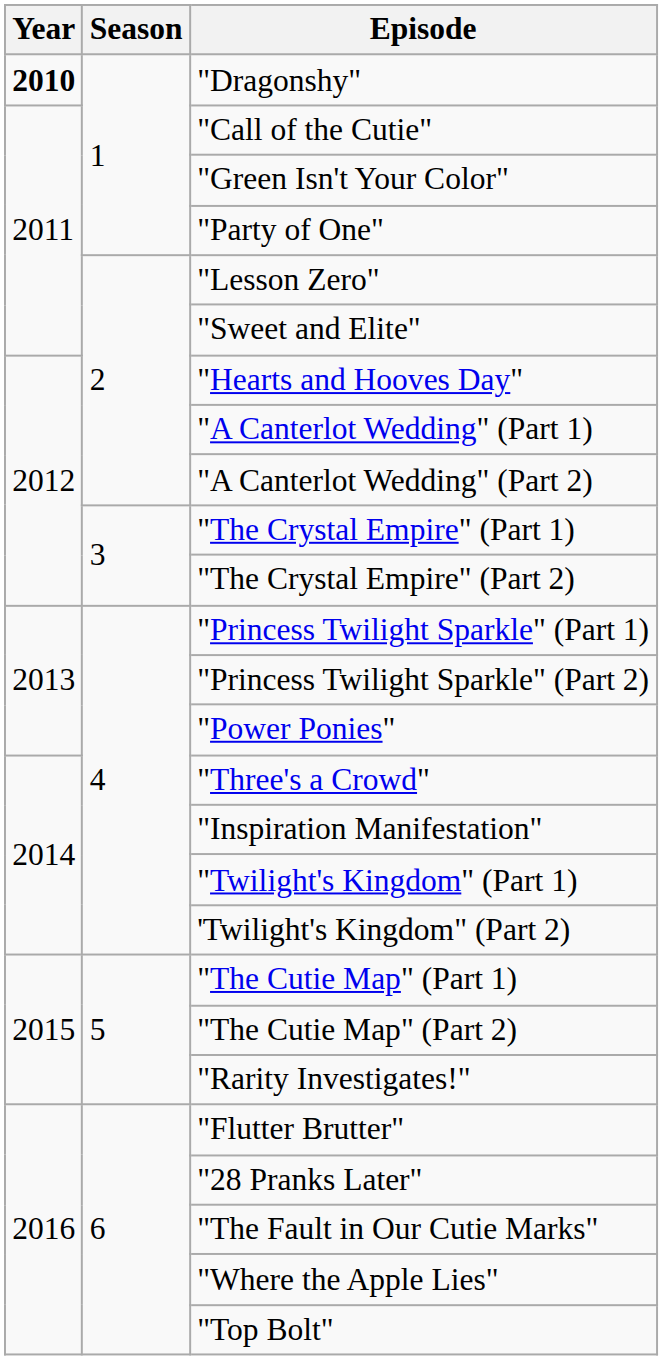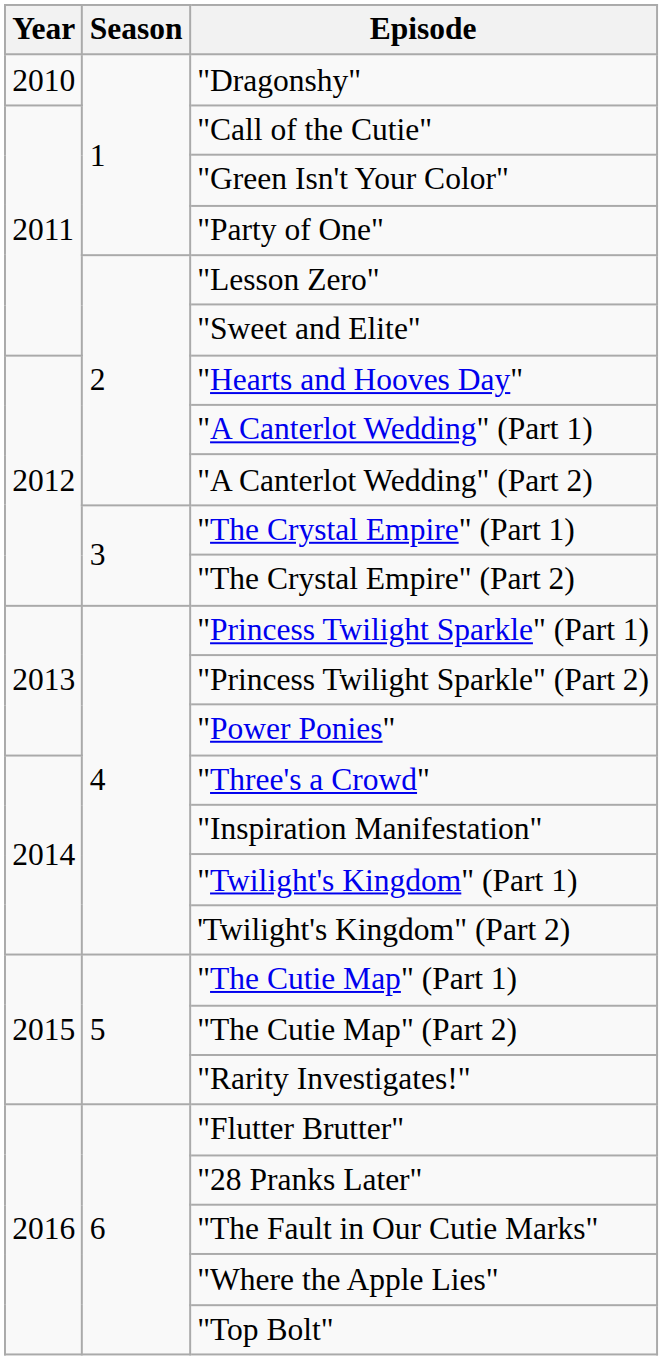 <table class="wikitable">
 <tr>
 <th>Year</th>
 <th>Season</th>
 <th>Episode</th>
 </tr>
 <tr>
-<td><strong>2010</strong></td>
+<td>2010</td>
 <td rowspan=4>1</td>
 <td>"Dragonshy"</td>
 </tr>
 <tr>
 <td rowspan=5>2011</td>
 <td>"Call of the Cutie"</td>
 </tr>
 <tr>
 <td>"Green Isn't Your Color"</td>
 </tr>
 <tr>
 <td>"Party of One"</td>
 </tr>
 <tr>
 <td rowspan=5>2</td>
 <td>"Lesson Zero"</td>
 </tr>
 <tr>
 <td>"Sweet and Elite"</td>
 </tr>
 <tr>
 <td rowspan=5>2012</td>
 <td>"<a href='#'>Hearts and Hooves Day</a>"</td>
 </tr>
 <tr>
 <td>"<a href='#'>A Canterlot Wedding</a>" (Part 1)</td>
 </tr>
 <tr>
 <td>"A Canterlot Wedding" (Part 2)</td>
 </tr>
 <tr>
 <td rowspan=2>3</td>
 <td>"<a href='#'>The Crystal Empire</a>" (Part 1)</td>
 </tr>
 <tr>
 <td>"The Crystal Empire" (Part 2)</td>
 </tr>
 <tr>
 <td rowspan=3>2013</td>
 <td rowspan=7>4</td>
 <td>"<a href='#'>Princess Twilight Sparkle</a>" (Part 1)</td>
 </tr>
 <tr>
 <td>"Princess Twilight Sparkle" (Part 2)</td>
 </tr>
 <tr>
 <td>"<a href='#'>Power Ponies</a>"</td>
 </tr>
 <tr>
 <td rowspan=4>2014</td>
 <td>"<a href='#'>Three's a Crowd</a>"</td>
 </tr>
 <tr>
 <td>"Inspiration Manifestation"</td>
 </tr>
 <tr>
 <td>"<a href='#'>Twilight's Kingdom</a>" (Part 1)</td>
 </tr>
 <tr>
 <td>'Twilight's Kingdom" (Part 2)</td>
 </tr>
 <tr>
 <td rowspan=3>2015</td>
 <td rowspan=3>5</td>
 <td>"<a href='#'>The Cutie Map</a>" (Part 1)</td>
 </tr>
 <tr>
 <td>"The Cutie Map" (Part 2)</td>
 </tr>
 <tr>
 <td>"Rarity Investigates!"</td>
 </tr>
 <tr>
 <td rowspan=5>2016</td>
 <td rowspan=5>6</td>
 <td>"Flutter Brutter"</td>
 </tr>
 <tr>
 <td>"28 Pranks Later"</td>
 </tr>
 <tr>
 <td>"The Fault in Our Cutie Marks"</td>
 </tr>
 <tr>
 <td>"Where the Apple Lies"</td>
 </tr>
 <tr>
 <td>"Top Bolt"</td>
 </tr>
 </table>
